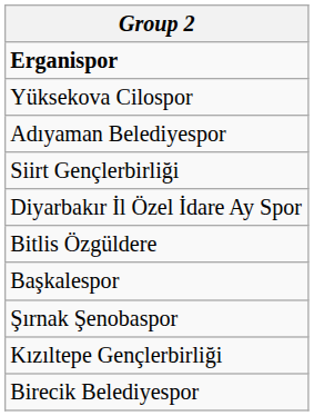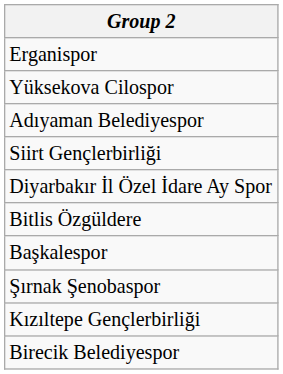 <table class="wikitable collapsible collapsed" style="font-size:95%;">
 <tr>
 <th colspan="1" width="200"><em>Group 2</em></th>
 </tr>
 <tr>
-<td><strong>Erganispor</strong></td>
+<td>Erganispor</td>
 </tr>
 <tr>
 <td>Yüksekova Cilospor</td>
 </tr>
 <tr>
 <td>Adıyaman Belediyespor</td>
 </tr>
 <tr>
 <td>Siirt Gençlerbirliği</td>
 </tr>
 <tr>
 <td>Diyarbakır İl Özel İdare Ay Spor</td>
 </tr>
 <tr>
 <td>Bitlis Özgüldere</td>
 </tr>
 <tr>
 <td>Başkalespor</td>
 </tr>
 <tr>
 <td>Şırnak Şenobaspor</td>
 </tr>
 <tr>
 <td>Kızıltepe Gençlerbirliği</td>
 </tr>
 <tr>
 <td>Birecik Belediyespor</td>
 </tr>
 </table>
